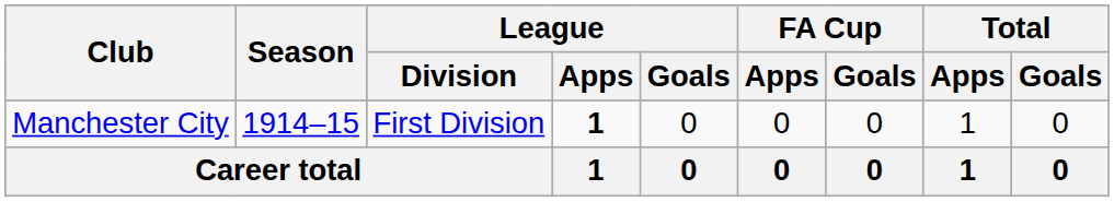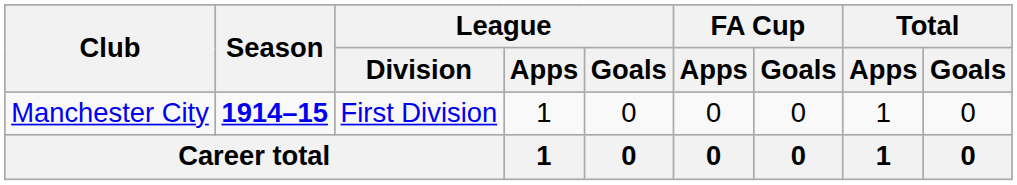 <table class="wikitable" style="text-align: center;">
 <tr>
 <th rowspan="2">Club</th>
 <th rowspan="2">Season</th>
 <th colspan="3">League</th>
 <th colspan="2">FA Cup</th>
 <th colspan="2">Total</th>
 </tr>
 <tr>
 <th>Division</th>
 <th>Apps</th>
 <th>Goals</th>
 <th>Apps</th>
 <th>Goals</th>
 <th>Apps</th>
 <th>Goals</th>
 </tr>
 <tr>
 <td><a href='#'>Manchester City</a></td>
-<td><a href='#'>1914–15</a></td>
+<td><strong><a href='#'>1914–15</a></strong></td>
 <td><a href='#'>First Division</a></td>
-<td><strong>1</strong></td>
+<td>1</td>
 <td>0</td>
 <td>0</td>
 <td>0</td>
 <td>1</td>
 <td>0</td>
 </tr>
 <tr>
 <th colspan="3">Career total</th>
 <th>1</th>
 <th>0</th>
 <th>0</th>
 <th>0</th>
 <th>1</th>
 <th>0</th>
 </tr>
 </table>
